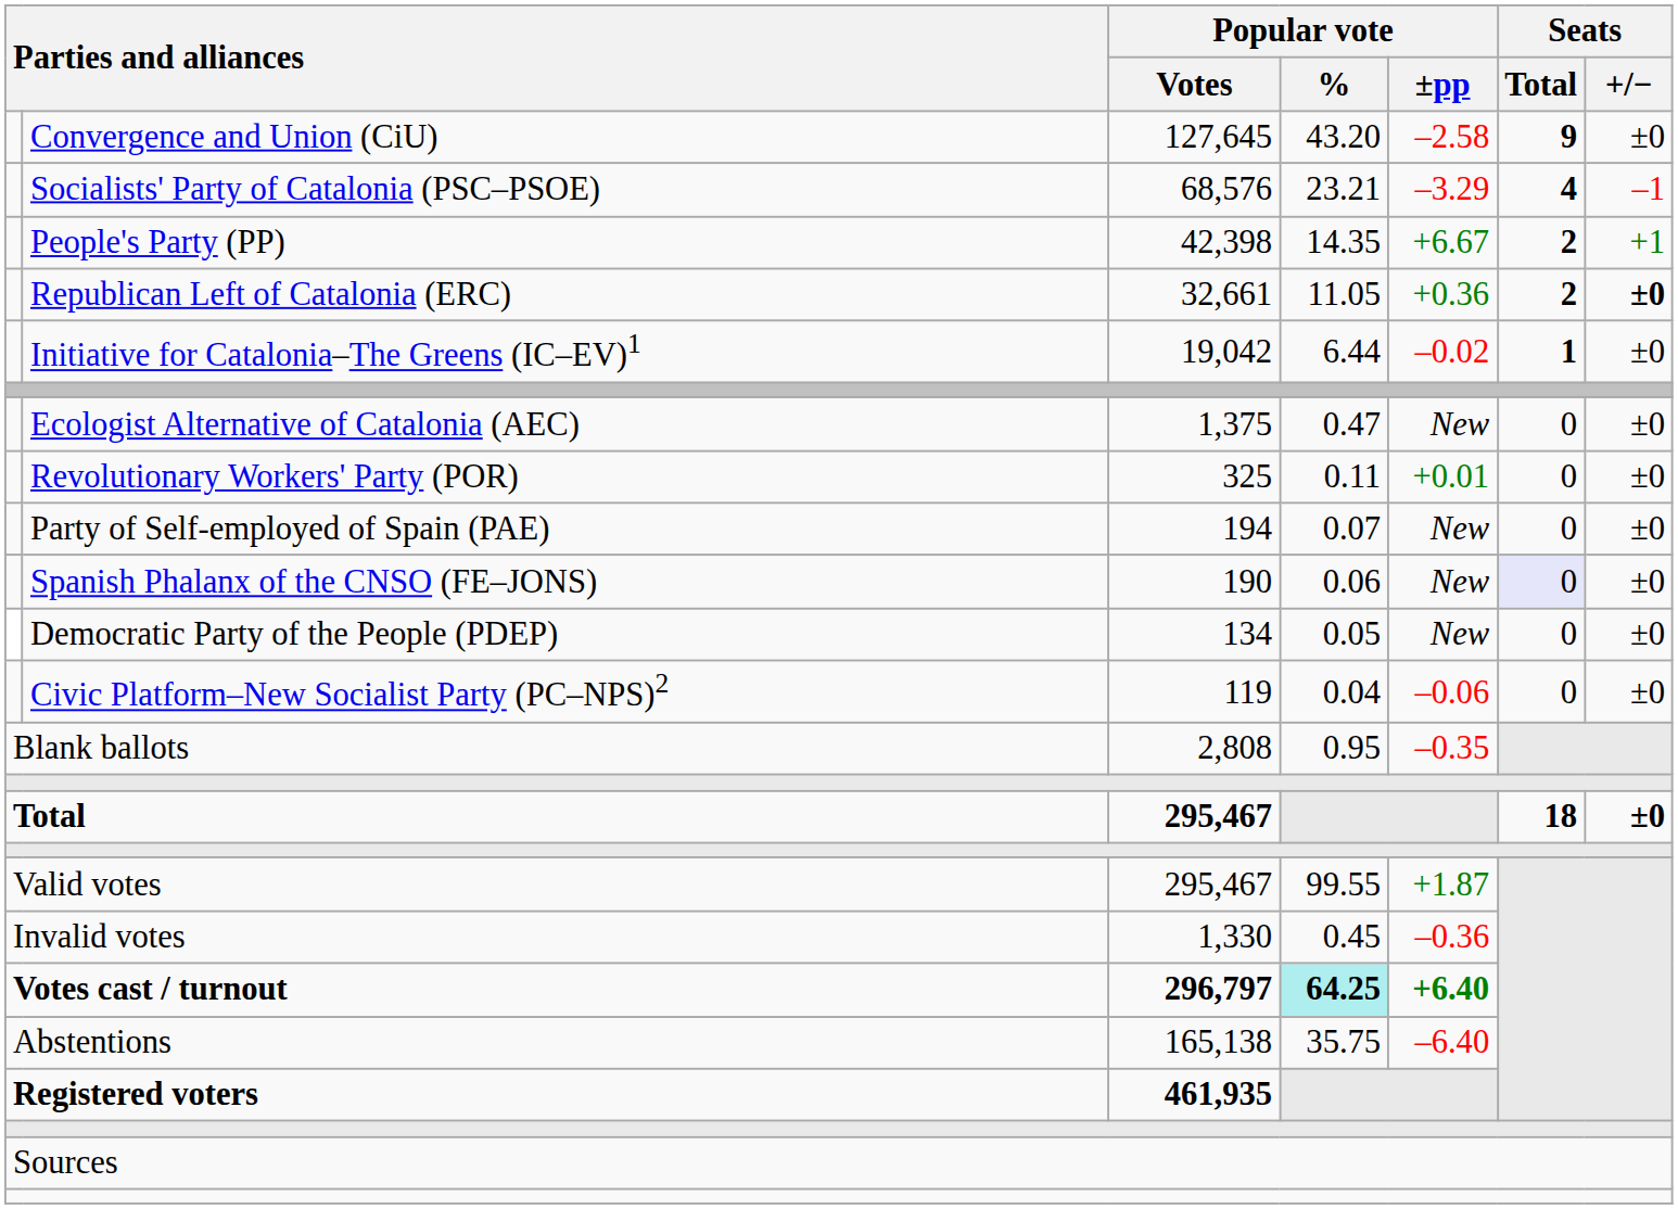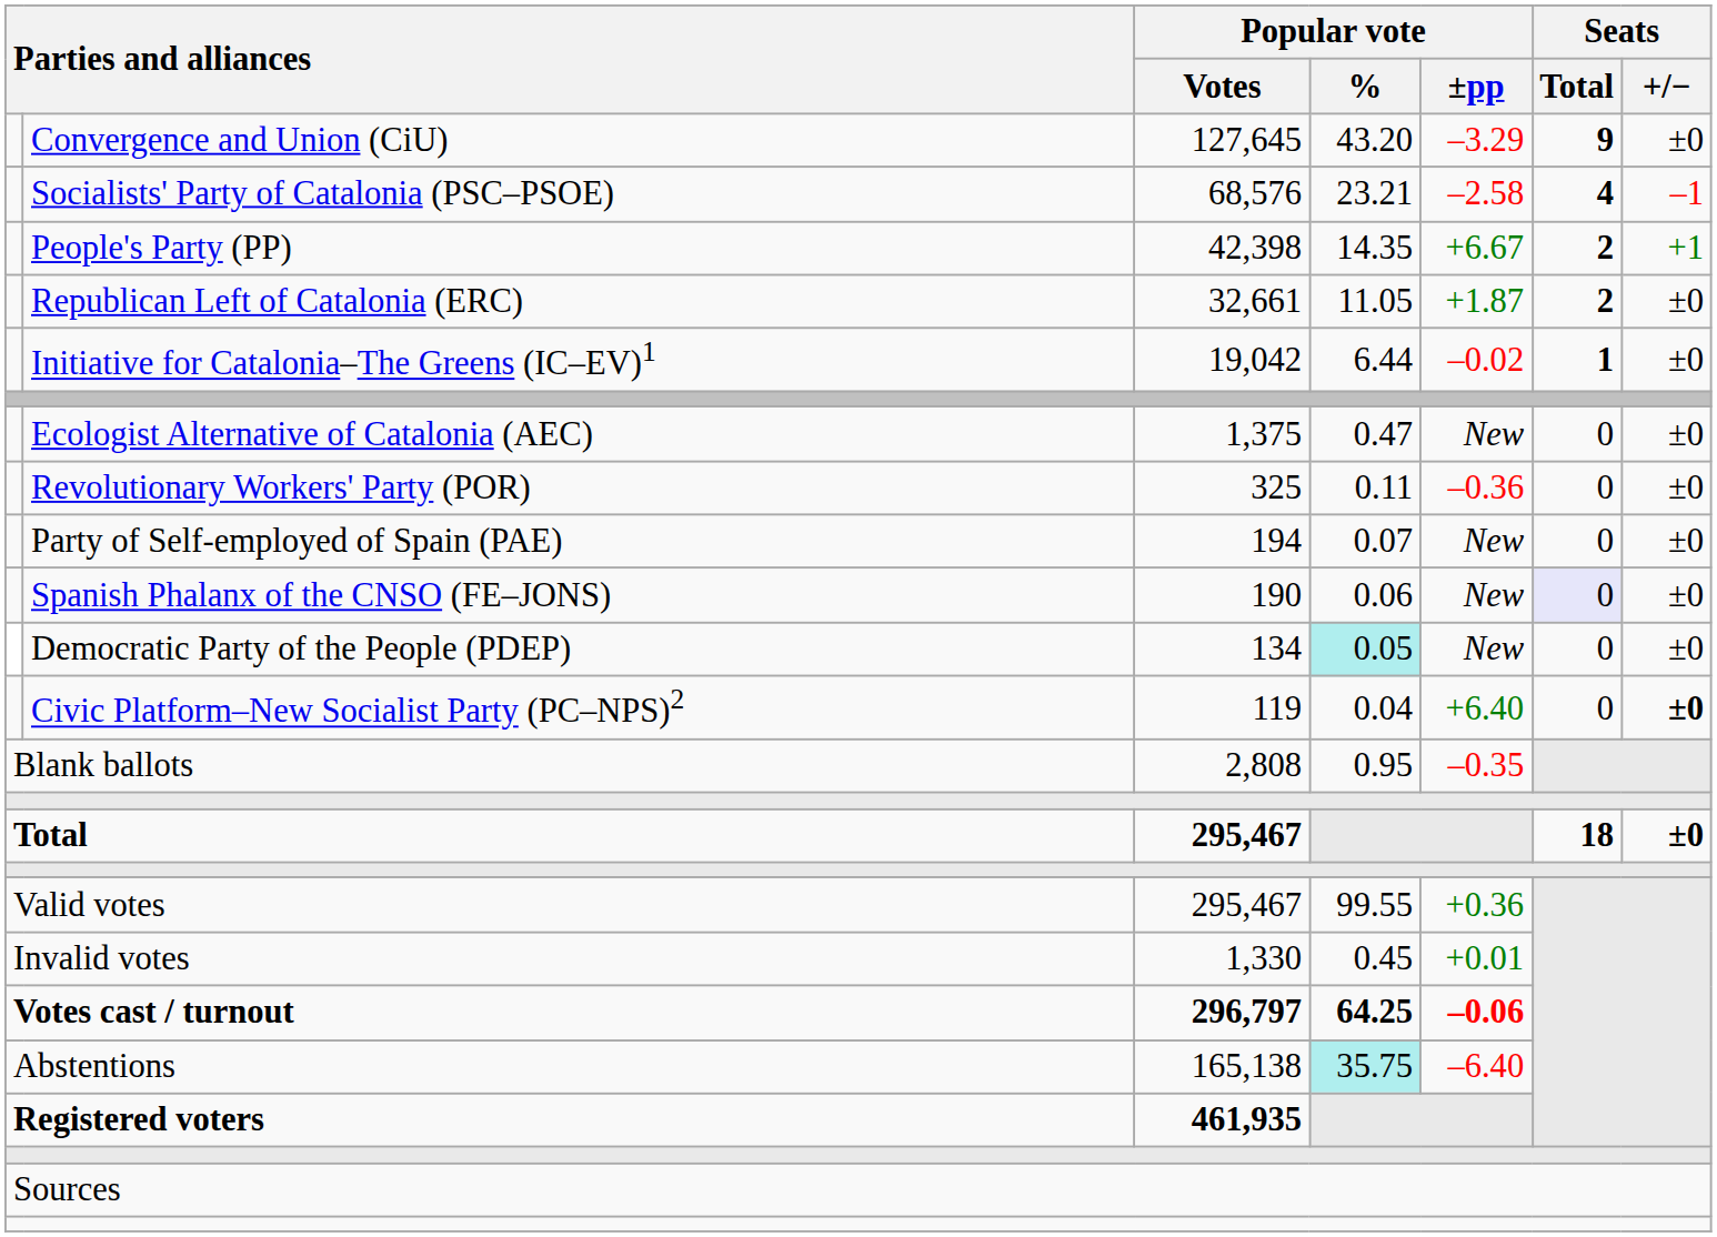 <table class="wikitable" style="text-align:right;">
 <tr>
 <th style="text-align:left;" rowspan="2" colspan="2" width="525">Parties and alliances</th>
 <th colspan="3">Popular vote</th>
 <th colspan="2">Seats</th>
 </tr>
 <tr>
 <th width="75">Votes</th>
 <th width="45">%</th>
 <th width="45">±<a href='#'>pp</a></th>
 <th width="35">Total</th>
 <th width="35">+/−</th>
 </tr>
 <tr>
 <td width="1" style="color:inherit;background:"></td>
 <td align="left"><a href='#'>Convergence and Union</a> (CiU)</td>
 <td>127,645</td>
 <td>43.20</td>
-<td style="color:red;">–2.58</td>
+<td style="color:red;">–3.29</td>
 <td><strong>9</strong></td>
 <td>±0</td>
 </tr>
 <tr>
 <td style="color:inherit;background:"></td>
 <td align="left"><a href='#'>Socialists' Party of Catalonia</a> (PSC–PSOE)</td>
 <td>68,576</td>
 <td>23.21</td>
-<td style="color:red;">–3.29</td>
+<td style="color:red;">–2.58</td>
 <td><strong>4</strong></td>
 <td style="color:red;">–1</td>
 </tr>
 <tr>
 <td style="color:inherit;background:"></td>
 <td align="left"><a href='#'>People's Party</a> (PP)</td>
 <td>42,398</td>
 <td>14.35</td>
 <td style="color:green;">+6.67</td>
 <td><strong>2</strong></td>
 <td style="color:green;">+1</td>
 </tr>
 <tr>
 <td style="color:inherit;background:"></td>
 <td align="left"><a href='#'>Republican Left of Catalonia</a> (ERC)</td>
 <td>32,661</td>
 <td>11.05</td>
-<td style="color:green;">+0.36</td>
+<td style="color:green;">+1.87</td>
 <td><strong>2</strong></td>
-<td><strong>±0</strong></td>
+<td>±0</td>
 </tr>
 <tr>
 <td style="color:inherit;background:"></td>
 <td align="left"><a href='#'>Initiative for Catalonia</a>–<a href='#'>The Greens</a> (IC–EV)<sup>1</sup></td>
 <td>19,042</td>
 <td>6.44</td>
 <td style="color:red;">–0.02</td>
 <td><strong>1</strong></td>
 <td>±0</td>
 </tr>
 <tr>
 <td colspan="7" bgcolor="#C0C0C0"></td>
 </tr>
 <tr>
 <td style="color:inherit;background:"></td>
 <td align="left"><a href='#'>Ecologist Alternative of Catalonia</a> (AEC)</td>
 <td>1,375</td>
 <td>0.47</td>
 <td><em>New</em></td>
 <td>0</td>
 <td>±0</td>
 </tr>
 <tr>
 <td style="color:inherit;background:"></td>
 <td align="left"><a href='#'>Revolutionary Workers' Party</a> (POR)</td>
 <td>325</td>
 <td>0.11</td>
-<td style="color:green;">+0.01</td>
+<td style="color:red;">–0.36</td>
 <td>0</td>
 <td>±0</td>
 </tr>
 <tr>
 <td style="color:inherit;background:"></td>
 <td align="left">Party of Self-employed of Spain (PAE)</td>
 <td>194</td>
 <td>0.07</td>
 <td><em>New</em></td>
 <td>0</td>
 <td>±0</td>
 </tr>
 <tr>
 <td style="color:inherit;background:"></td>
 <td align="left"><a href='#'>Spanish Phalanx of the CNSO</a> (FE–JONS)</td>
 <td>190</td>
 <td>0.06</td>
 <td><em>New</em></td>
 <td style="background: lavender;">0</td>
 <td>±0</td>
 </tr>
 <tr>
 <td bgcolor="white"></td>
 <td align="left">Democratic Party of the People (PDEP)</td>
 <td>134</td>
-<td>0.05</td>
+<td style="background: paleturquoise;">0.05</td>
 <td><em>New</em></td>
 <td>0</td>
 <td>±0</td>
 </tr>
 <tr>
 <td style="color:inherit;background:"></td>
 <td align="left"><a href='#'>Civic Platform–New Socialist Party</a> (PC–NPS)<sup>2</sup></td>
 <td>119</td>
 <td>0.04</td>
-<td style="color:red;">–0.06</td>
+<td style="color:green;">+6.40</td>
 <td>0</td>
-<td>±0</td>
+<td><strong>±0</strong></td>
 </tr>
 <tr>
 <td align="left" colspan="2">Blank ballots</td>
 <td>2,808</td>
 <td>0.95</td>
 <td style="color:red;">–0.35</td>
 <td bgcolor="#E9E9E9" colspan="2"></td>
 </tr>
 <tr>
 <td colspan="7" bgcolor="#E9E9E9"></td>
 </tr>
 <tr style="font-weight:bold;">
 <td align="left" colspan="2">Total</td>
 <td>295,467</td>
 <td bgcolor="#E9E9E9" colspan="2"></td>
 <td>18</td>
 <td>±0</td>
 </tr>
 <tr>
 <td colspan="7" bgcolor="#E9E9E9"></td>
 </tr>
 <tr>
 <td align="left" colspan="2">Valid votes</td>
 <td>295,467</td>
 <td>99.55</td>
-<td style="color:green;">+1.87</td>
+<td style="color:green;">+0.36</td>
 <td bgcolor="#E9E9E9" colspan="2" rowspan="5"></td>
 </tr>
 <tr>
 <td align="left" colspan="2">Invalid votes</td>
 <td>1,330</td>
 <td>0.45</td>
-<td style="color:red;">–0.36</td>
+<td style="color:green;">+0.01</td>
 </tr>
 <tr style="font-weight:bold;">
 <td align="left" colspan="2">Votes cast / turnout</td>
 <td>296,797</td>
-<td style="background: paleturquoise;">64.25</td>
-<td style="color:green;">+6.40</td>
+<td>64.25</td>
+<td style="color:red;">–0.06</td>
 </tr>
 <tr>
 <td align="left" colspan="2">Abstentions</td>
 <td>165,138</td>
-<td>35.75</td>
+<td style="background: paleturquoise;">35.75</td>
 <td style="color:red;">–6.40</td>
 </tr>
 <tr style="font-weight:bold;">
 <td align="left" colspan="2">Registered voters</td>
 <td>461,935</td>
 <td bgcolor="#E9E9E9" colspan="2"></td>
 </tr>
 <tr>
 <td colspan="7" bgcolor="#E9E9E9"></td>
 </tr>
 <tr>
 <td align="left" colspan="7">Sources</td>
 </tr>
 <tr>
 <td colspan="7" style="text-align:left; max-width:790px;"></td>
 </tr>
 </table>
